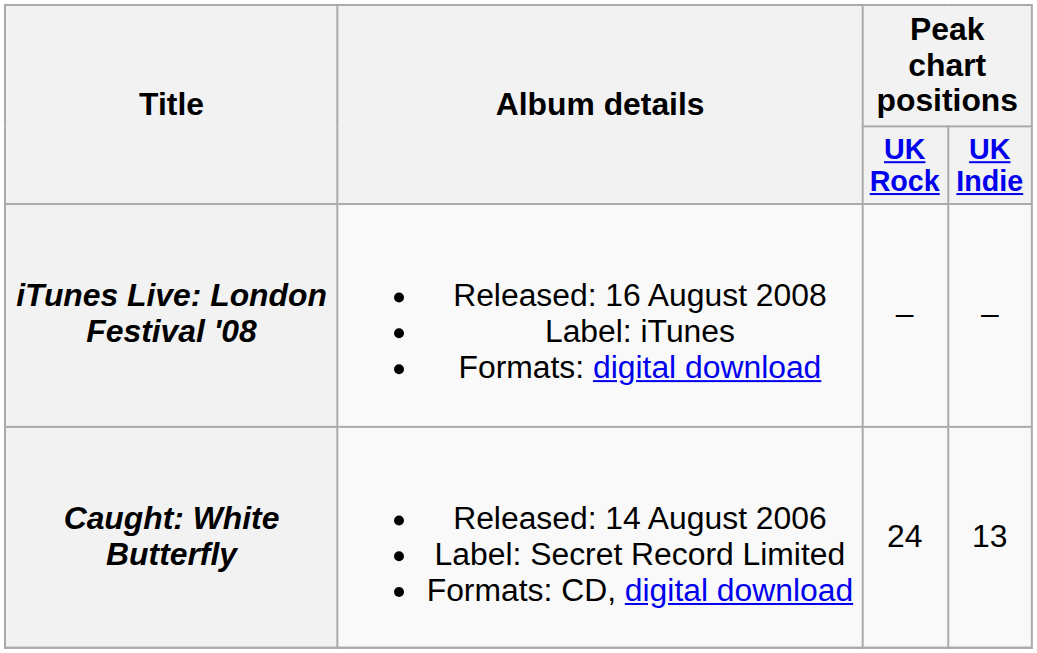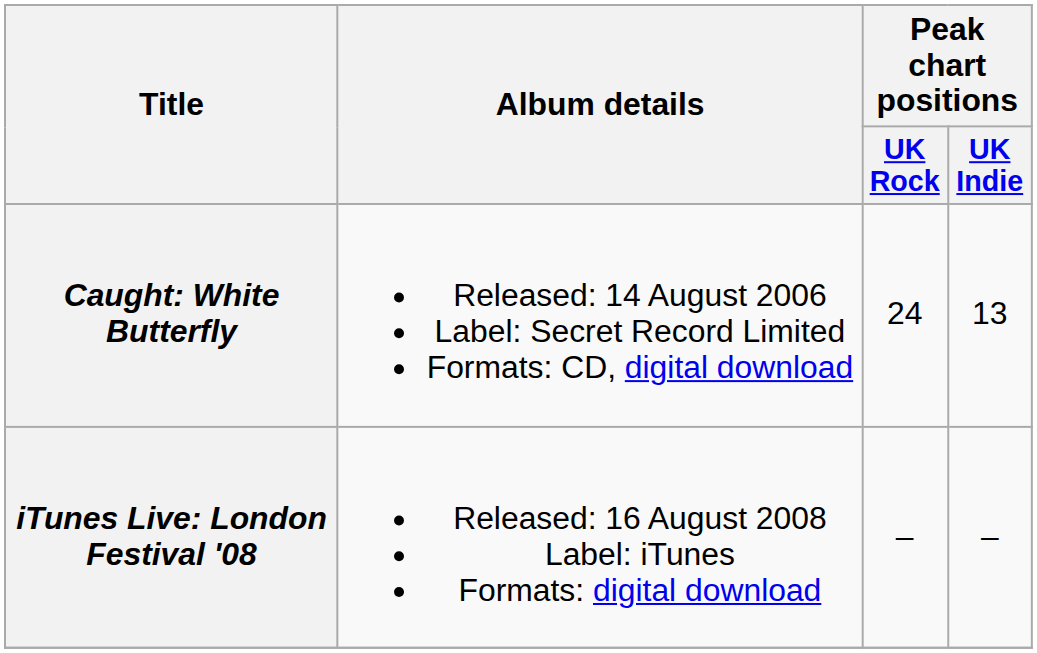 <table class="wikitable plainrowheaders" style="text-align:center;">
 <tr>
 <th scope="col" rowspan="2" style="width:10em;">Title</th>
 <th scope="col" rowspan="2" style="width:16em;">Album details</th>
 <th scope="col" colspan="2">Peak chart positions</th>
 </tr>
 <tr>
 <th scope="col" style="width:2.5em;font-size:90%;"><a href='#'>UK<br>Rock</a><br></th>
 <th scope="col" style="width:2.5em;font-size:90%;"><a href='#'>UK<br>Indie</a><br></th>
 </tr>
 <tr>
+<th scope="row"><em>Caught: White Butterfly</em></th>
+<td><br><ul><li>Released: 14 August 2006</li><li>Label: Secret Record Limited</li><li>Formats: CD, <a href='#'>digital download</a></li></ul></td>
+<td align="center">24</td>
+<td align="center">13</td>
+</tr>
+<tr>
 <th scope="row"><em>iTunes Live: London Festival '08</em></th>
 <td><br><ul><li>Released: 16 August 2008</li><li>Label: iTunes</li><li>Formats: <a href='#'>digital download</a></li></ul></td>
 <td align="center">–</td>
 <td align="center">–</td>
 </tr>
 <tr>
-<th scope="row"><em>Caught: White Butterfly</em></th>
-<td><br><ul><li>Released: 14 August 2006</li><li>Label: Secret Record Limited</li><li>Formats: CD, <a href='#'>digital download</a></li></ul></td>
-<td align="center">24</td>
-<td align="center">13</td>
-</tr>
-<tr>
 </tr>
 </table>
